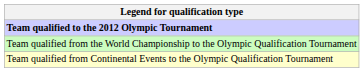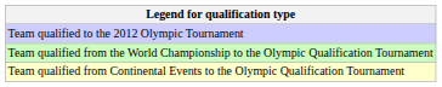 <table class="wikitable">
 <tr>
 <th>Legend for qualification type</th>
 </tr>
 <tr bgcolor=#ccccff>
-<td><strong>Team qualified to the 2012 Olympic Tournament</strong></td>
+<td>Team qualified to the 2012 Olympic Tournament</td>
 </tr>
 <tr bgcolor=#ccffccc>
 <td>Team qualified from the World Championship to the Olympic Qualification Tournament</td>
 </tr>
 <tr bgcolor=#ffffcc>
 <td>Team qualified from Continental Events to the Olympic Qualification Tournament</td>
 </tr>
 </table>
